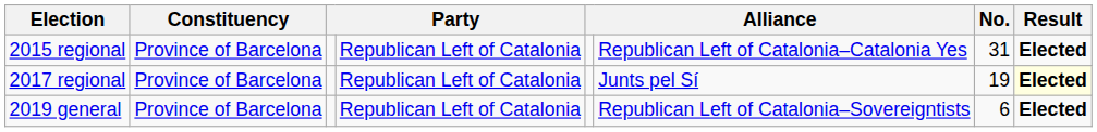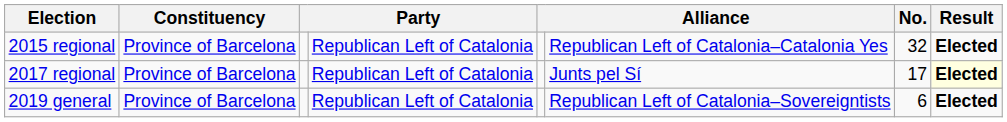 <table class="wikitable" style="text-align:left;">
 <tr>
 <th scope=col>Election</th>
 <th scope=col>Constituency</th>
 <th scope=col colspan="2">Party</th>
 <th scope=col colspan="2">Alliance</th>
 <th scope=col>No.</th>
 <th scope=col>Result</th>
 </tr>
 <tr>
 <td><a href='#'>2015 regional</a></td>
 <td><a href='#'>Province of Barcelona</a></td>
 <td style="background:"></td>
 <td><a href='#'>Republican Left of Catalonia</a></td>
 <td style="background:"></td>
 <td><a href='#'>Republican Left of Catalonia–Catalonia Yes</a></td>
-<td align=right>31</td>
+<td align=right>32</td>
 <td><strong>Elected</strong></td>
 </tr>
 <tr>
 <td><a href='#'>2017 regional</a></td>
 <td><a href='#'>Province of Barcelona</a></td>
 <td style="background:"></td>
 <td><a href='#'>Republican Left of Catalonia</a></td>
 <td style="background:"></td>
 <td><a href='#'>Junts pel Sí</a></td>
-<td align=right>19</td>
+<td align=right>17</td>
 <td style="background: lightyellow;"><strong>Elected</strong></td>
 </tr>
 <tr>
 <td><a href='#'>2019 general</a></td>
 <td><a href='#'>Province of Barcelona</a></td>
 <td style="background:"></td>
 <td><a href='#'>Republican Left of Catalonia</a></td>
 <td style="background:"></td>
 <td><a href='#'>Republican Left of Catalonia–Sovereigntists</a></td>
 <td align=right>6</td>
 <td><strong>Elected</strong></td>
 </tr>
 </table>
